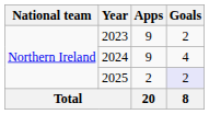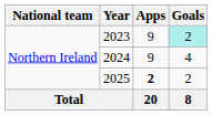 <table class=wikitable style="text-align: center;">
 <tr>
 <th>National team</th>
 <th>Year</th>
 <th>Apps</th>
 <th>Goals</th>
 </tr>
 <tr>
 <td rowspan="3"><a href='#'>Northern Ireland</a></td>
 <td>2023</td>
 <td>9</td>
-<td>2</td>
+<td style="background: paleturquoise;">2</td>
 </tr>
 <tr>
 <td>2024</td>
 <td>9</td>
 <td>4</td>
 </tr>
 <tr>
 <td>2025</td>
+<td><strong>2</strong></td>
 <td>2</td>
-<td style="background: lavender;">2</td>
 </tr>
 <tr>
 <th colspan="2">Total</th>
 <th>20</th>
 <th>8</th>
 </tr>
 </table>
